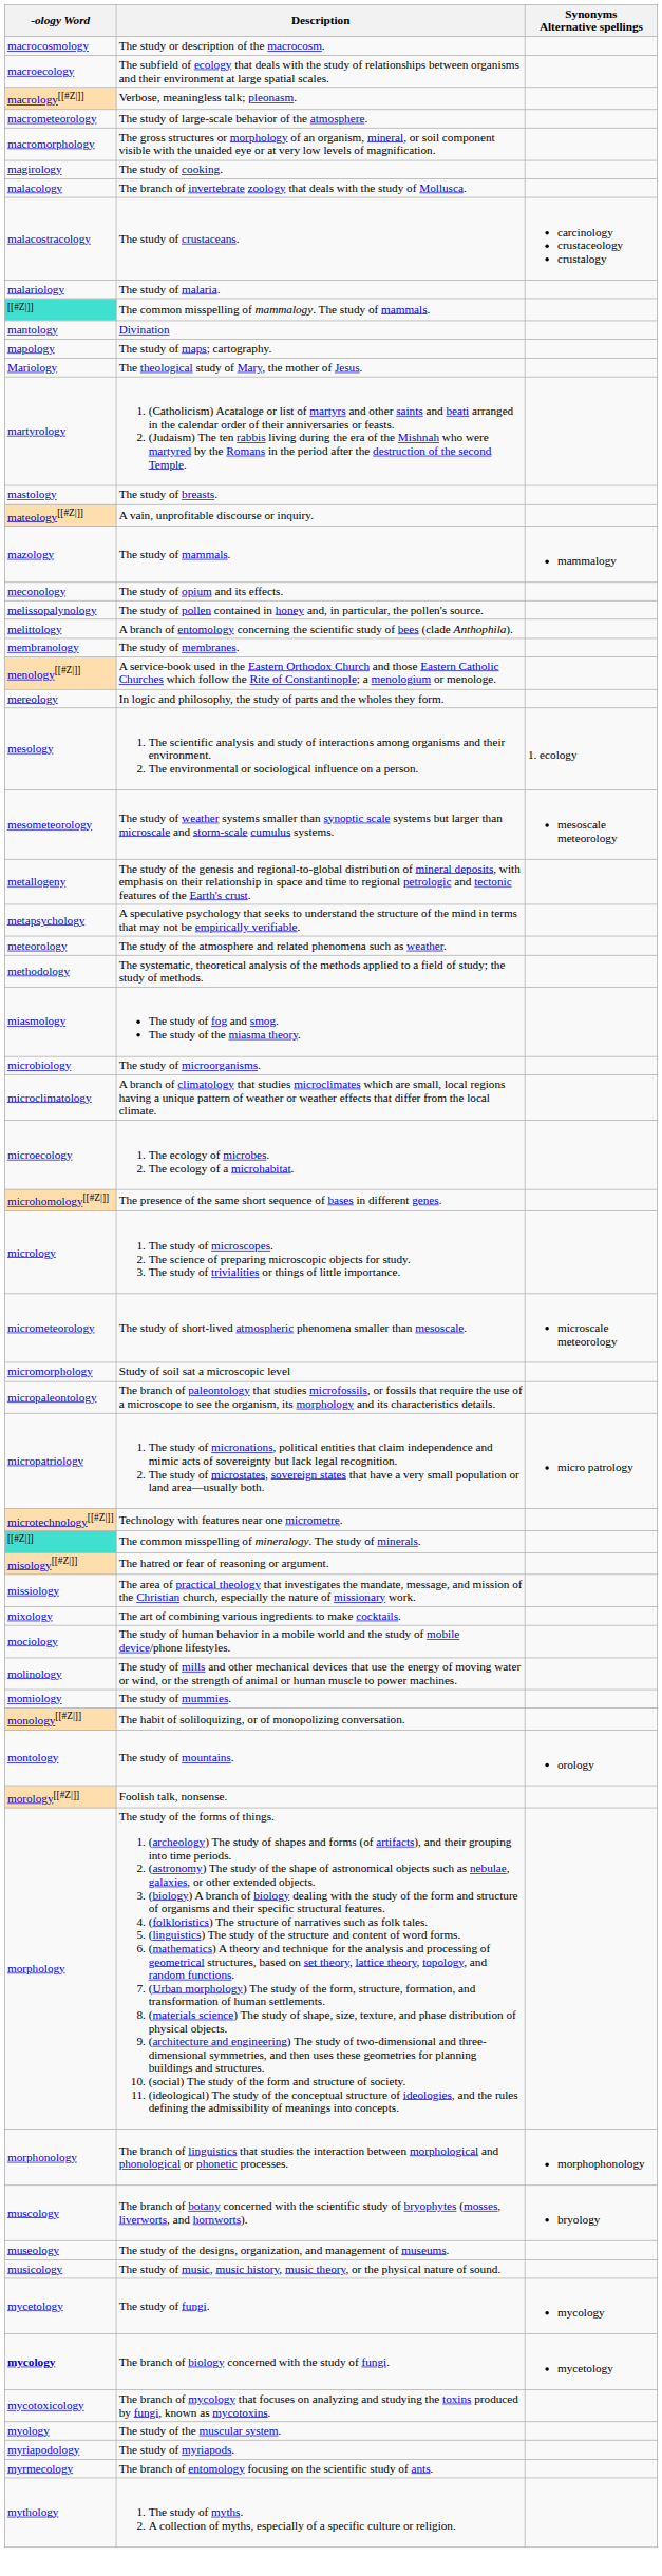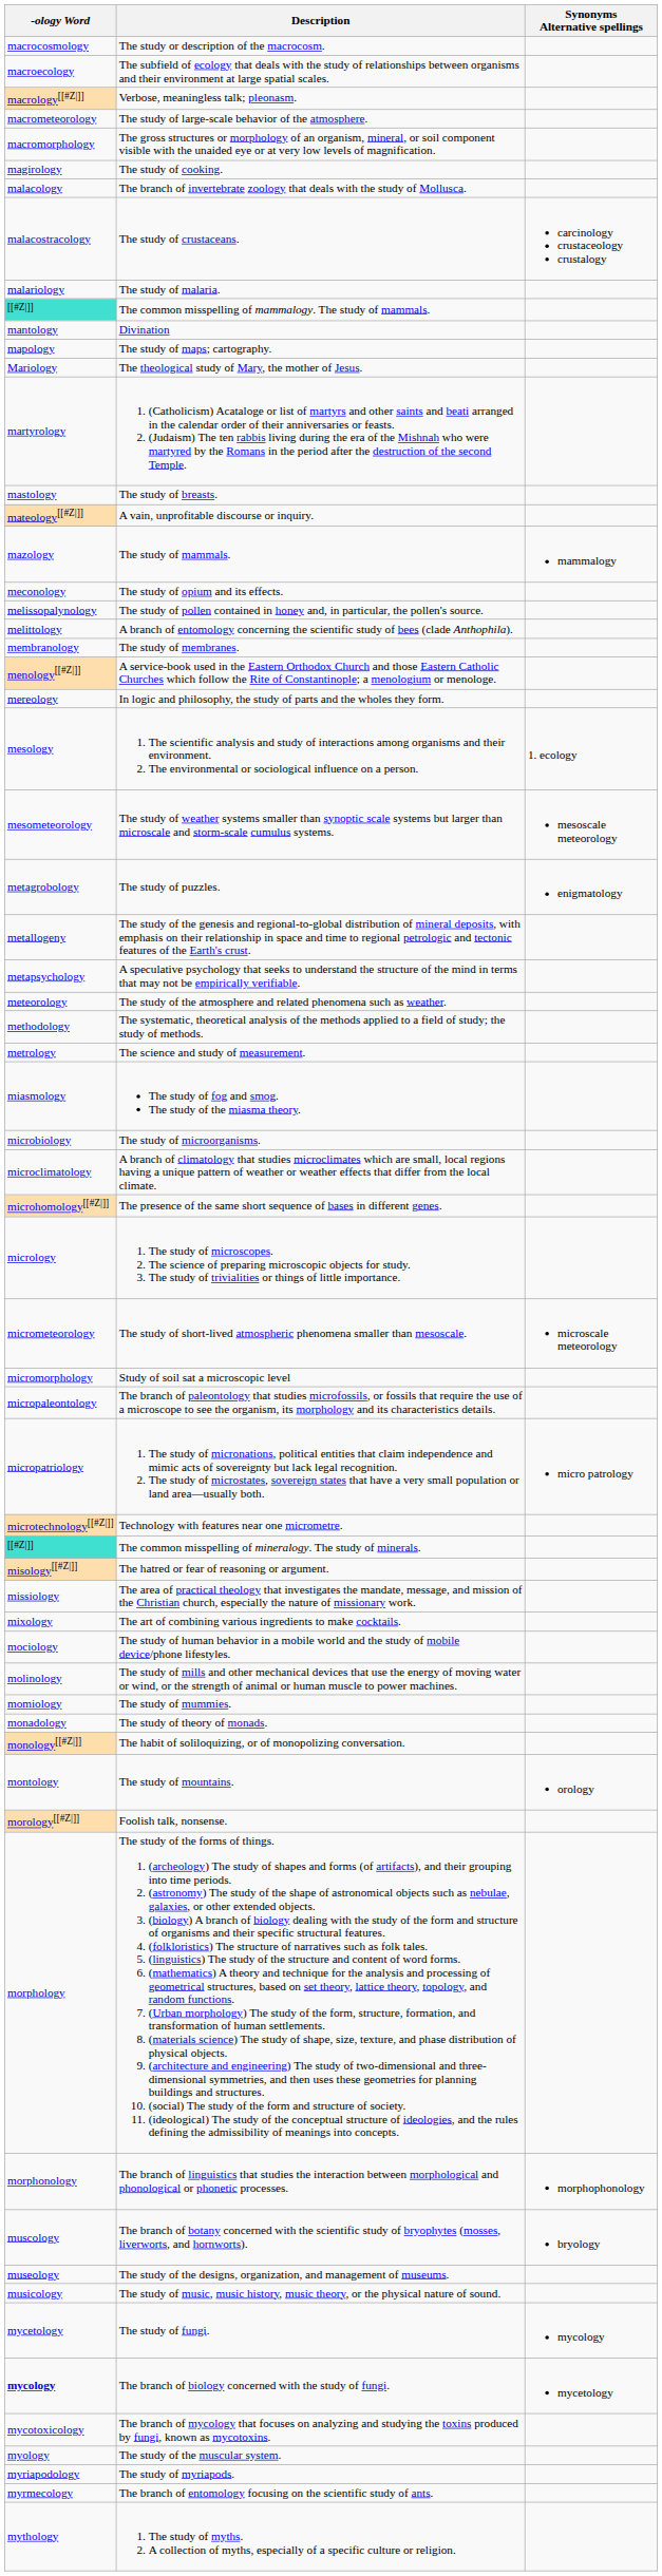 <table class="wikitable" style="width:100%;">
 <tr>
 <th><em>-ology Word</em></th>
 <th>Description</th>
 <th>Synonyms<br>Alternative spellings</th>
 </tr>
 <tr>
 <td><a href='#'>macrocosmology</a></td>
 <td>The study or description of the <a href='#'>macrocosm</a>.</td>
 <td></td>
 </tr>
 <tr>
 <td><a href='#'>macroecology</a></td>
 <td>The subfield of <a href='#'>ecology</a> that deals with the study of relationships between organisms and their environment at large spatial scales.</td>
 <td></td>
 </tr>
 <tr>
 <td style="background: #ffdead"><a href='#'>macrology</a><sup>[[#Z|]]</sup></td>
 <td>Verbose, meaningless talk; <a href='#'>pleonasm</a>.</td>
 <td></td>
 </tr>
 <tr>
 <td><a href='#'>macrometeorology</a></td>
 <td>The study of large-scale behavior of the <a href='#'>atmosphere</a>.</td>
 <td></td>
 </tr>
 <tr>
 <td><a href='#'>macromorphology</a></td>
 <td>The gross structures or <a href='#'>morphology</a> of an organism, <a href='#'>mineral</a>, or soil component visible with the unaided eye or at very low levels of magnification.</td>
 <td></td>
 </tr>
 <tr>
 <td><a href='#'>magirology</a></td>
 <td>The study of <a href='#'>cooking</a>.</td>
 <td></td>
 </tr>
 <tr>
 <td><a href='#'>malacology</a></td>
 <td>The branch of <a href='#'>invertebrate</a> <a href='#'>zoology</a> that deals with the study of <a href='#'>Mollusca</a>.</td>
 <td></td>
 </tr>
 <tr>
 <td><a href='#'>malacostracology</a></td>
 <td>The study of <a href='#'>crustaceans</a>.</td>
 <td><br><ul><li>carcinology</li><li>crustaceology</li><li>crustalogy</li></ul></td>
 </tr>
 <tr>
 <td><a href='#'>malariology</a></td>
 <td>The study of <a href='#'>malaria</a>.</td>
 <td></td>
 </tr>
 <tr>
 <td style="background: #40e0d0"><a href='#'></a><sup>[[#Z|]]</sup></td>
 <td>The common misspelling of <em>mammalogy</em>. The study of <a href='#'>mammals</a>.</td>
 <td></td>
 </tr>
 <tr>
 <td><a href='#'>mantology</a></td>
 <td><a href='#'>Divination</a></td>
 <td></td>
 </tr>
 <tr>
 <td><a href='#'>mapology</a></td>
 <td>The study of <a href='#'>maps</a>; cartography.</td>
 <td></td>
 </tr>
 <tr>
 <td><a href='#'>Mariology</a></td>
 <td>The <a href='#'>theological</a> study of <a href='#'>Mary</a>, the mother of <a href='#'>Jesus</a>.</td>
 <td></td>
 </tr>
 <tr>
 <td><a href='#'>martyrology</a></td>
 <td><br><ol><li>(Catholicism) Acataloge or list of <a href='#'>martyrs</a> and other <a href='#'>saints</a> and <a href='#'>beati</a> arranged in the calendar order of their anniversaries or feasts.</li><li>(Judaism) The ten <a href='#'>rabbis</a> living during the era of the <a href='#'>Mishnah</a> who were <a href='#'>martyred</a> by the <a href='#'>Romans</a> in the period after the <a href='#'>destruction of the second Temple</a>.</li></ol></td>
 <td></td>
 </tr>
 <tr>
 <td><a href='#'>mastology</a></td>
 <td>The study of <a href='#'>breasts</a>.</td>
 <td></td>
 </tr>
 <tr>
 <td style="background: #ffdead"><a href='#'>mateology</a><sup>[[#Z|]]</sup></td>
 <td>A vain, unprofitable discourse or inquiry.</td>
 <td></td>
 </tr>
 <tr>
 <td><a href='#'>mazology</a></td>
 <td>The study of <a href='#'>mammals</a>.</td>
 <td><br><ul><li>mammalogy</li></ul></td>
 </tr>
 <tr>
 <td><a href='#'>meconology</a></td>
 <td>The study of <a href='#'>opium</a> and its effects.</td>
 <td></td>
 </tr>
 <tr>
 <td><a href='#'>melissopalynology</a></td>
 <td>The study of <a href='#'>pollen</a> contained in <a href='#'>honey</a> and, in particular, the pollen's source.</td>
 <td></td>
 </tr>
 <tr>
 <td><a href='#'>melittology</a></td>
 <td>A branch of <a href='#'>entomology</a> concerning the scientific study of <a href='#'>bees</a> (clade <em>Anthophila</em>).</td>
 <td></td>
 </tr>
 <tr>
 <td><a href='#'>membranology</a></td>
 <td>The study of <a href='#'>membranes</a>.</td>
 <td></td>
 </tr>
 <tr>
 <td style="background: #ffdead"><a href='#'>menology</a><sup>[[#Z|]]</sup></td>
 <td>A service-book used in the <a href='#'>Eastern Orthodox Church</a> and those <a href='#'>Eastern Catholic Churches</a> which follow the <a href='#'>Rite of Constantinople</a>; a <a href='#'>menologium</a> or menologe.</td>
 <td></td>
 </tr>
 <tr>
 <td><a href='#'>mereology</a></td>
 <td>In logic and philosophy,  the study of parts and the wholes they form.</td>
 <td></td>
 </tr>
 <tr>
 <td><a href='#'>mesology</a></td>
 <td><br><ol><li>The scientific analysis and study of interactions among organisms and their environment.</li><li>The environmental or sociological influence on a person.</li></ol></td>
 <td><br>1. ecology</td>
 </tr>
 <tr>
 <td><a href='#'>mesometeorology</a></td>
 <td>The study of <a href='#'>weather</a> systems smaller than <a href='#'>synoptic scale</a> systems but larger than <a href='#'>microscale</a> and <a href='#'>storm-scale</a> <a href='#'>cumulus</a> systems.</td>
 <td><br><ul><li>mesoscale meteorology</li></ul></td>
 </tr>
 <tr>
+<td><a href='#'>metagrobology</a></td>
+<td>The study of puzzles.</td>
+<td><br><ul><li>enigmatology</li></ul></td>
+</tr>
+<tr>
 <td><a href='#'>metallogeny</a></td>
 <td>The study of the genesis and regional-to-global distribution of <a href='#'>mineral deposits</a>, with emphasis on their relationship in space and time to regional <a href='#'>petrologic</a> and <a href='#'>tectonic</a> features of the <a href='#'>Earth's crust</a>.</td>
 <td></td>
 </tr>
 <tr>
 <td><a href='#'>metapsychology</a></td>
 <td>A speculative psychology that seeks to understand the structure of the mind in terms that may not be <a href='#'>empirically verifiable</a>.</td>
 <td></td>
 </tr>
 <tr>
 <td><a href='#'>meteorology</a></td>
 <td>The study of the atmosphere and related phenomena such as <a href='#'>weather</a>.</td>
 <td></td>
 </tr>
 <tr>
 <td><a href='#'>methodology</a></td>
 <td>The systematic, theoretical analysis of the methods applied to a field of study; the study of methods.</td>
 <td></td>
 </tr>
 <tr>
+<td><a href='#'>metrology</a></td>
+<td>The science and study of <a href='#'>measurement</a>.</td>
+<td></td>
+</tr>
+<tr>
 <td><a href='#'>miasmology</a></td>
 <td><br><ul><li>The study of <a href='#'>fog</a> and <a href='#'>smog</a>.</li><li>The study of the <a href='#'>miasma theory</a>.</li></ul></td>
 <td></td>
 </tr>
 <tr>
 <td><a href='#'>microbiology</a></td>
 <td>The study of <a href='#'>microorganisms</a>.</td>
 <td></td>
 </tr>
 <tr>
 <td><a href='#'>microclimatology</a></td>
 <td>A branch of <a href='#'>climatology</a> that studies <a href='#'>microclimates</a> which are small, local regions having a unique pattern of weather or weather effects that differ from the local climate.</td>
-<td></td>
-</tr>
-<tr>
-<td><a href='#'>microecology</a></td>
-<td><br><ol><li>The ecology of <a href='#'>microbes</a>.</li><li>The ecology of a <a href='#'>microhabitat</a>.</li></ol></td>
 <td></td>
 </tr>
 <tr>
 <td style="background: #ffdead"><a href='#'>microhomology</a><sup>[[#Z|]]</sup></td>
 <td>The presence of the same short sequence of <a href='#'>bases</a> in different <a href='#'>genes</a>.</td>
 <td></td>
 </tr>
 <tr>
 <td><a href='#'>micrology</a></td>
 <td><br><ol><li>The study of <a href='#'>microscopes</a>.</li><li>The science of preparing microscopic objects for study.</li><li>The study of <a href='#'>trivialities</a> or things of little importance.</li></ol></td>
 <td></td>
 </tr>
 <tr>
 <td><a href='#'>micrometeorology</a></td>
 <td>The study of short-lived <a href='#'>atmospheric</a> phenomena smaller than <a href='#'>mesoscale</a>.</td>
 <td><br><ul><li>microscale meteorology</li></ul></td>
 </tr>
 <tr>
 <td><a href='#'>micromorphology</a></td>
 <td>Study of soil sat a microscopic level</td>
 <td></td>
 </tr>
 <tr>
 <td><a href='#'>micropaleontology</a></td>
 <td>The branch of <a href='#'>paleontology</a> that studies <a href='#'>microfossils</a>, or fossils that require the use of a microscope to see the organism, its <a href='#'>morphology</a> and its characteristics details.</td>
 <td></td>
 </tr>
 <tr>
 <td><a href='#'>micropatriology</a></td>
 <td><br><ol><li>The study of <a href='#'>micronations</a>, political entities that claim independence and mimic acts of sovereignty but lack legal recognition.</li><li>The study of <a href='#'>microstates</a>, <a href='#'>sovereign states</a> that have a very small population or land area—usually both.</li></ol></td>
 <td><br><ul><li>micro patrology</li></ul></td>
 </tr>
 <tr>
 <td style="background: #ffdead"><a href='#'>microtechnology</a><sup>[[#Z|]]</sup></td>
 <td>Technology with features near one <a href='#'>micrometre</a>.</td>
 <td></td>
 </tr>
 <tr>
 <td style="background: #40e0d0"><a href='#'></a><sup>[[#Z|]]</sup></td>
 <td>The common misspelling of <em>mineralogy</em>. The study of <a href='#'>minerals</a>.</td>
 <td></td>
 </tr>
 <tr>
 <td style="background: #ffdead"><a href='#'>misology</a><sup>[[#Z|]]</sup></td>
 <td>The hatred or fear of reasoning or argument.</td>
 <td></td>
 </tr>
 <tr>
 <td><a href='#'>missiology</a></td>
 <td>The area of <a href='#'>practical theology</a> that investigates the mandate, message, and mission of the <a href='#'>Christian</a> church, especially the nature of <a href='#'>missionary</a> work.</td>
 <td></td>
 </tr>
 <tr>
 <td><a href='#'>mixology</a></td>
 <td>The art of combining various ingredients to make <a href='#'>cocktails</a>.</td>
 <td></td>
 </tr>
 <tr>
 <td><a href='#'>mociology</a></td>
 <td>The study of human behavior in a mobile world and the study of <a href='#'>mobile device</a>/phone lifestyles.</td>
 <td></td>
 </tr>
 <tr>
 <td><a href='#'>molinology</a></td>
 <td>The study of <a href='#'>mills</a> and other mechanical devices that use the energy of moving water or wind, or the strength of animal or human muscle to power machines.</td>
 <td></td>
 </tr>
 <tr>
 <td><a href='#'>momiology</a></td>
 <td>The study of <a href='#'>mummies</a>.</td>
+<td></td>
+</tr>
+<tr>
+<td><a href='#'>monadology</a></td>
+<td>The study of theory of <a href='#'>monads</a>.</td>
 <td></td>
 </tr>
 <tr>
 <td style="background: #ffdead"><a href='#'>monology</a><sup>[[#Z|]]</sup></td>
 <td>The habit of soliloquizing, or of monopolizing conversation.</td>
 <td></td>
 </tr>
 <tr>
 <td><a href='#'>montology</a></td>
 <td>The study of <a href='#'>mountains</a>.</td>
 <td><br><ul><li>orology</li></ul></td>
 </tr>
 <tr>
 <td style="background: #ffdead"><a href='#'>morology</a><sup>[[#Z|]]</sup></td>
 <td>Foolish talk, nonsense.</td>
 <td></td>
 </tr>
 <tr>
 <td><a href='#'>morphology</a></td>
 <td>The study of the forms of things.<br><ol><li>(<a href='#'>archeology</a>) The study of shapes and forms (of <a href='#'>artifacts</a>), and their grouping into time periods.</li><li>(<a href='#'>astronomy</a>) The study of the shape of astronomical objects such as <a href='#'>nebulae</a>, <a href='#'>galaxies</a>, or other extended objects.</li><li>(<a href='#'>biology</a>) A branch of <a href='#'>biology</a> dealing with the study of the form and structure of organisms and their specific structural features.</li><li>(<a href='#'>folkloristics</a>) The structure of narratives such as folk tales.</li><li>(<a href='#'>linguistics</a>) The study of the structure and content of word forms.</li><li>(<a href='#'>mathematics</a>) A theory and technique for the analysis and processing of <a href='#'>geometrical</a> structures, based on <a href='#'>set theory</a>, <a href='#'>lattice theory</a>, <a href='#'>topology</a>, and <a href='#'>random functions</a>.</li><li>(<a href='#'>Urban morphology</a>) The study of the form, structure, formation, and transformation of human settlements.</li><li>(<a href='#'>materials science</a>) The study of shape, size, texture, and phase distribution of physical objects.</li><li>(<a href='#'>architecture and engineering</a>) The study of two-dimensional and three-dimensional symmetries, and then uses these geometries for planning buildings and structures.</li><li>(social) The study of the form and structure of society.</li><li>(ideological) The study of the conceptual structure of <a href='#'>ideologies</a>, and the rules defining the admissibility of meanings into concepts.</li></ol></td>
 <td></td>
 </tr>
 <tr>
 <td><a href='#'>morphonology</a></td>
 <td>The branch of <a href='#'>linguistics</a> that studies the interaction between <a href='#'>morphological</a> and <a href='#'>phonological</a> or <a href='#'>phonetic</a> processes.</td>
 <td><br><ul><li>morphophonology</li></ul></td>
 </tr>
 <tr>
 <td><a href='#'>muscology</a></td>
 <td>The branch of <a href='#'>botany</a> concerned with the scientific study of <a href='#'>bryophytes</a> (<a href='#'>mosses</a>, <a href='#'>liverworts</a>, and <a href='#'>hornworts</a>).</td>
 <td><br><ul><li>bryology</li></ul></td>
 </tr>
 <tr>
 <td><a href='#'>museology</a></td>
 <td>The study of the designs, organization, and management of <a href='#'>museums</a>.</td>
 <td></td>
 </tr>
 <tr>
 <td><a href='#'>musicology</a></td>
 <td>The study of <a href='#'>music</a>, <a href='#'>music history</a>, <a href='#'>music theory</a>, or the physical nature of sound.</td>
 <td></td>
 </tr>
 <tr>
 <td><a href='#'>mycetology</a></td>
 <td>The study of <a href='#'>fungi</a>.</td>
 <td><br><ul><li>mycology</li></ul></td>
 </tr>
 <tr>
 <td><strong><a href='#'>mycology</a></strong></td>
 <td>The branch of <a href='#'>biology</a> concerned with the study of <a href='#'>fungi</a>.</td>
 <td><br><ul><li>mycetology</li></ul></td>
 </tr>
 <tr>
 <td><a href='#'>mycotoxicology</a></td>
 <td>The branch of <a href='#'>mycology</a> that focuses on analyzing and studying the <a href='#'>toxins</a> produced by <a href='#'>fungi</a>, known as <a href='#'>mycotoxins</a>.</td>
 <td></td>
 </tr>
 <tr>
 <td><a href='#'>myology</a></td>
 <td>The study of the <a href='#'>muscular system</a>.</td>
 <td></td>
 </tr>
 <tr>
 <td><a href='#'>myriapodology</a></td>
 <td>The study of <a href='#'>myriapods</a>.</td>
 <td></td>
 </tr>
 <tr>
 <td><a href='#'>myrmecology</a></td>
 <td>The branch of <a href='#'>entomology</a> focusing on the scientific study of <a href='#'>ants</a>.</td>
 <td></td>
 </tr>
 <tr>
 <td><a href='#'>mythology</a></td>
 <td><br><ol><li>The study of <a href='#'>myths</a>.</li><li>A collection of myths, especially of a specific culture or religion.</li></ol></td>
 <td></td>
 </tr>
 </table>
